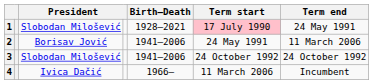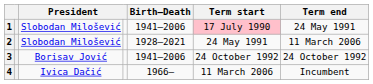 <table class="wikitable" style="text-align:center">
 <tr>
 <th colspan="2"></th>
 <th colspan="2">President</th>
 <th>Birth–Death</th>
 <th>Term start</th>
 <th>Term end</th>
 </tr>
 <tr>
 <th>1</th>
 <th style="background:"></th>
 <td><a href='#'>Slobodan Milošević</a></td>
 <td></td>
-<td>1928–2021</td>
+<td>1941–2006</td>
 <td style="background: pink;">17 July 1990</td>
 <td>24 May 1991</td>
 </tr>
 <tr>
 <th>2</th>
 <th style="background:"></th>
-<td><a href='#'>Borisav Jović</a></td>
+<td><a href='#'>Slobodan Milošević</a></td>
 <td></td>
-<td>1941–2006</td>
+<td>1928–2021</td>
 <td>24 May 1991</td>
 <td>11 March 2006</td>
 </tr>
 <tr>
 <th>3</th>
 <th style="background:"></th>
-<td><a href='#'>Slobodan Milošević</a></td>
+<td><a href='#'>Borisav Jović</a></td>
 <td></td>
 <td>1941–2006</td>
 <td>24 October 1992</td>
 <td>24 October 1992</td>
 </tr>
 <tr>
 <th>4</th>
 <th style="background:"></th>
 <td><a href='#'>Ivica Dačić</a></td>
 <td></td>
 <td>1966–</td>
 <td>11 March 2006</td>
 <td>Incumbent</td>
 </tr>
 </table>
